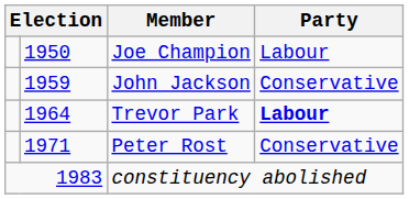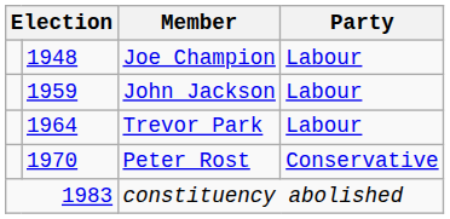 <table class="wikitable">
 <tr>
 <th colspan="2">Election</th>
 <th>Member</th>
 <th>Party</th>
 </tr>
 <tr>
 <td style="color:inherit;background-color: "></td>
-<td><a href='#'>1950</a></td>
+<td><a href='#'>1948</a></td>
 <td><a href='#'>Joe Champion</a></td>
 <td><a href='#'>Labour</a></td>
 </tr>
 <tr>
 <td style="color:inherit;background-color: "></td>
 <td><a href='#'>1959</a></td>
 <td><a href='#'>John Jackson</a></td>
-<td><a href='#'>Conservative</a></td>
+<td><a href='#'>Labour</a></td>
 </tr>
 <tr>
 <td style="color:inherit;background-color: "></td>
 <td><a href='#'>1964</a></td>
 <td><a href='#'>Trevor Park</a></td>
-<td><strong><a href='#'>Labour</a></strong></td>
+<td><a href='#'>Labour</a></td>
 </tr>
 <tr>
 <td style="color:inherit;background-color: "></td>
-<td><a href='#'>1971</a></td>
+<td><a href='#'>1970</a></td>
 <td><a href='#'>Peter Rost</a></td>
 <td><a href='#'>Conservative</a></td>
 </tr>
 <tr>
 <td colspan="2" align="right"><a href='#'>1983</a></td>
 <td colspan="2"><em>constituency abolished</em></td>
 </tr>
 </table>
